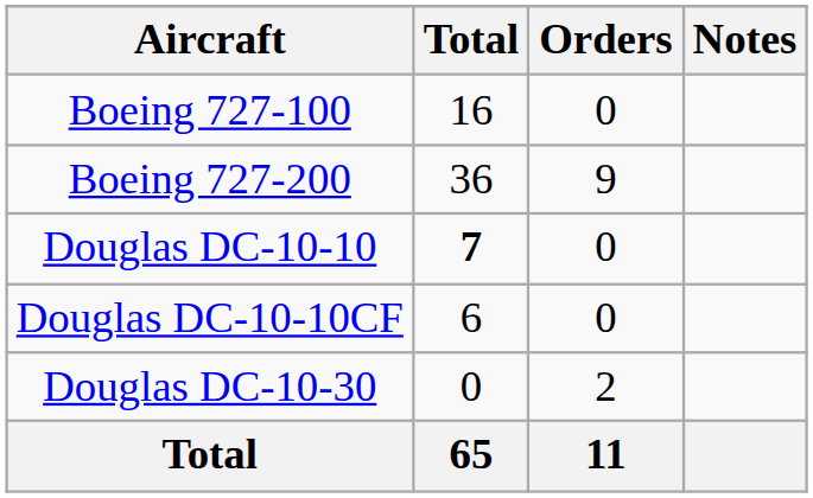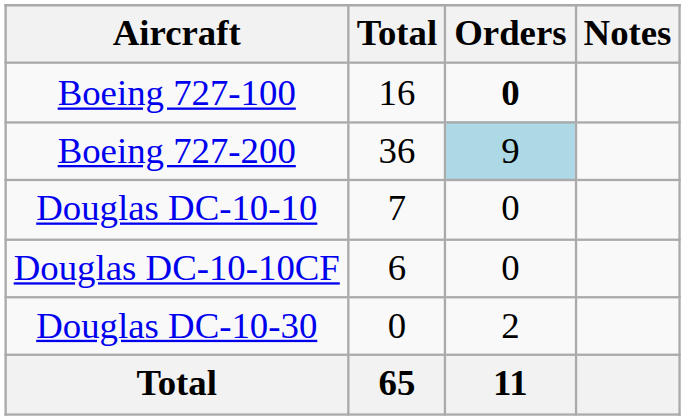 <table class="wikitable" style="margin:0.5em auto; text-align:center">
 <tr>
 </tr>
 <tr>
 <th>Aircraft</th>
 <th>Total</th>
 <th>Orders</th>
 <th>Notes</th>
 </tr>
 <tr>
 <td><a href='#'>Boeing 727-100</a></td>
 <td>16</td>
-<td>0</td>
+<td><strong>0</strong></td>
 <td></td>
 </tr>
 <tr>
 <td><a href='#'>Boeing 727-200</a></td>
 <td>36</td>
-<td>9</td>
+<td style="background: lightblue;">9</td>
 <td></td>
 </tr>
 <tr>
 <td><a href='#'>Douglas DC-10-10</a></td>
-<td><strong>7</strong></td>
+<td>7</td>
 <td>0</td>
 <td></td>
 </tr>
 <tr>
 <td><a href='#'>Douglas DC-10-10CF</a></td>
 <td>6</td>
 <td>0</td>
 <td></td>
 </tr>
 <tr>
 <td><a href='#'>Douglas DC-10-30</a></td>
 <td>0</td>
 <td>2</td>
 <td></td>
 </tr>
 <tr>
 <th>Total</th>
 <th>65</th>
 <th>11</th>
 <th></th>
 </tr>
 </table>
